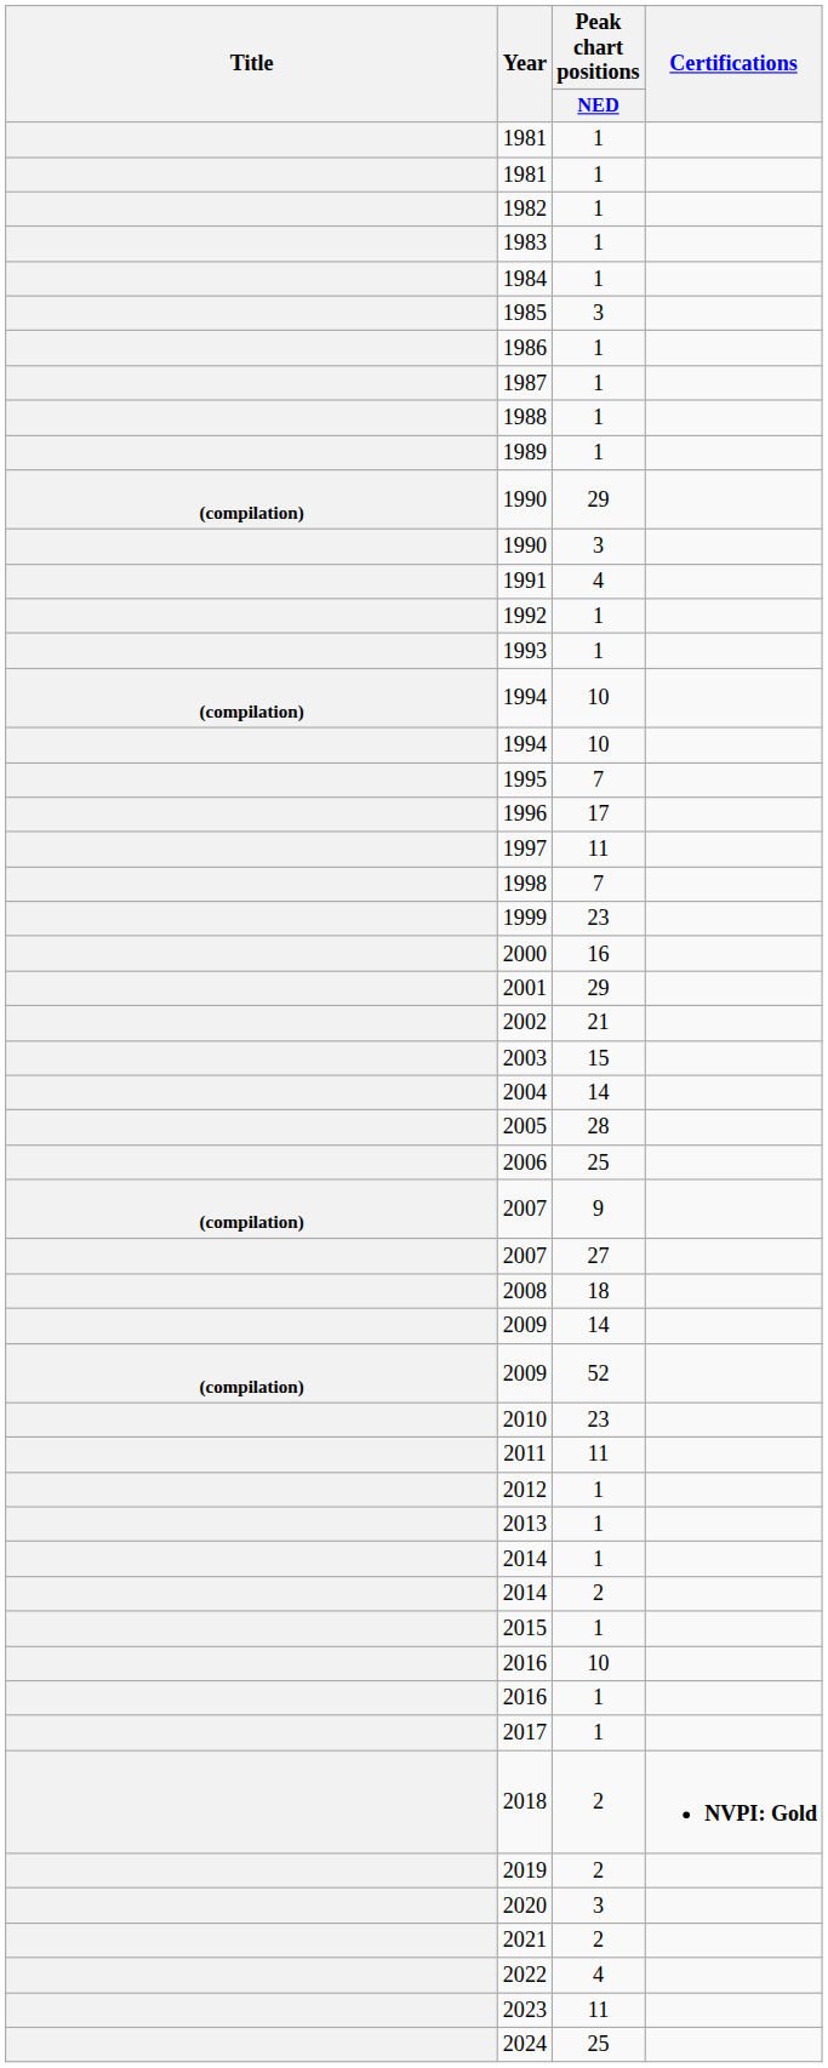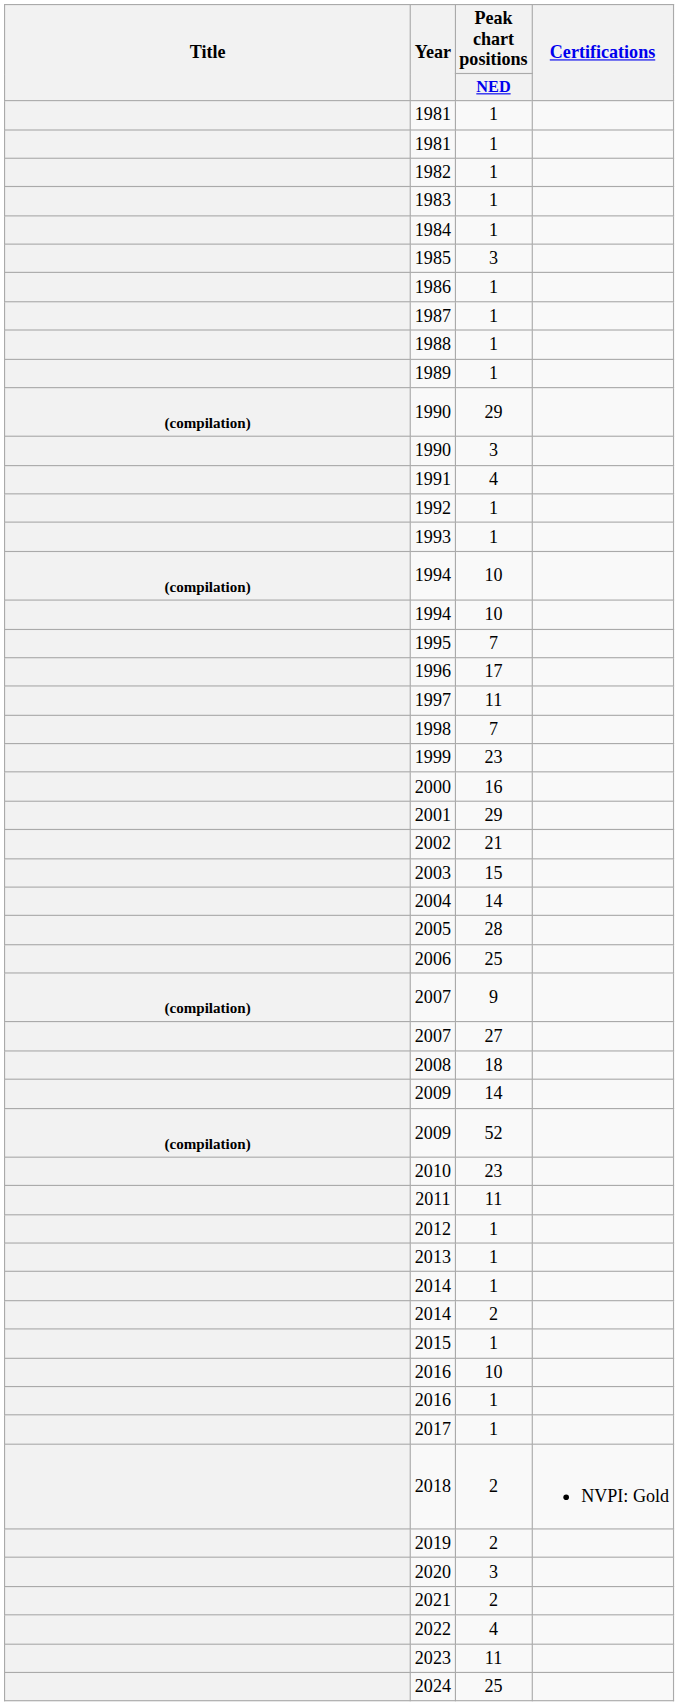 <table class="wikitable plainrowheaders" style="text-align:center;">
 <tr>
 <th scope="col" rowspan="2" style="width:22em;">Title</th>
 <th scope="col" rowspan="2">Year</th>
 <th scope="colgroup" colspan="1">Peak chart positions</th>
 <th scope="col" rowspan="2"><a href='#'>Certifications</a></th>
 </tr>
 <tr>
 <th scope="col" style="width:3em; font-size:90%;"><a href='#'>NED</a><br></th>
 </tr>
 <tr>
 <th scope="row"></th>
 <td>1981</td>
 <td>1</td>
 <td></td>
 </tr>
 <tr>
 <th scope="row"></th>
 <td>1981</td>
 <td>1</td>
 <td></td>
 </tr>
 <tr>
 <th scope="row"></th>
 <td>1982</td>
 <td>1</td>
 <td></td>
 </tr>
 <tr>
 <th scope="row"></th>
 <td>1983</td>
 <td>1</td>
 <td></td>
 </tr>
 <tr>
 <th scope="row"></th>
 <td>1984</td>
 <td>1</td>
 <td></td>
 </tr>
 <tr>
 <th scope="row"></th>
 <td>1985</td>
 <td>3</td>
 <td></td>
 </tr>
 <tr>
 <th scope="row"></th>
 <td>1986</td>
 <td>1</td>
 <td></td>
 </tr>
 <tr>
 <th scope="row"></th>
 <td>1987</td>
 <td>1</td>
 <td></td>
 </tr>
 <tr>
 <th scope="row"></th>
 <td>1988</td>
 <td>1</td>
 <td></td>
 </tr>
 <tr>
 <th scope="row"></th>
 <td>1989</td>
 <td>1</td>
 <td></td>
 </tr>
 <tr>
 <th scope="row"><br><small>(compilation)</small></th>
 <td>1990</td>
 <td>29</td>
 <td></td>
 </tr>
 <tr>
 <th scope="row"></th>
 <td>1990</td>
 <td>3</td>
 <td></td>
 </tr>
 <tr>
 <th scope="row"></th>
 <td>1991</td>
 <td>4</td>
 <td></td>
 </tr>
 <tr>
 <th scope="row"></th>
 <td>1992</td>
 <td>1</td>
 <td></td>
 </tr>
 <tr>
 <th scope="row"></th>
 <td>1993</td>
 <td>1</td>
 <td></td>
 </tr>
 <tr>
 <th scope="row"><br><small>(compilation)</small></th>
 <td>1994</td>
 <td>10</td>
 <td></td>
 </tr>
 <tr>
 <th scope="row"></th>
 <td>1994</td>
 <td>10</td>
 <td></td>
 </tr>
 <tr>
 <th scope="row"></th>
 <td>1995</td>
 <td>7</td>
 <td></td>
 </tr>
 <tr>
 <th scope="row"></th>
 <td>1996</td>
 <td>17</td>
 <td></td>
 </tr>
 <tr>
 <th scope="row"></th>
 <td>1997</td>
 <td>11</td>
 <td></td>
 </tr>
 <tr>
 <th scope="row"></th>
 <td>1998</td>
 <td>7</td>
 <td></td>
 </tr>
 <tr>
 <th scope="row"></th>
 <td>1999</td>
 <td>23</td>
 <td></td>
 </tr>
 <tr>
 <th scope="row"></th>
 <td>2000</td>
 <td>16</td>
 <td></td>
 </tr>
 <tr>
 <th scope="row"></th>
 <td>2001</td>
 <td>29</td>
 <td></td>
 </tr>
 <tr>
 <th scope="row"></th>
 <td>2002</td>
 <td>21</td>
 <td></td>
 </tr>
 <tr>
 <th scope="row"></th>
 <td>2003</td>
 <td>15</td>
 <td></td>
 </tr>
 <tr>
 <th scope="row"></th>
 <td>2004</td>
 <td>14</td>
 <td></td>
 </tr>
 <tr>
 <th scope="row"></th>
 <td>2005</td>
 <td>28</td>
 <td></td>
 </tr>
 <tr>
 <th scope="row"></th>
 <td>2006</td>
 <td>25</td>
 <td></td>
 </tr>
 <tr>
 <th scope="row"><br><small>(compilation)</small></th>
 <td>2007</td>
 <td>9</td>
 <td></td>
 </tr>
 <tr>
 <th scope="row"></th>
 <td>2007</td>
 <td>27</td>
 <td></td>
 </tr>
 <tr>
 <th scope="row"></th>
 <td>2008</td>
 <td>18</td>
 <td></td>
 </tr>
 <tr>
 <th scope="row"></th>
 <td>2009</td>
 <td>14</td>
 <td></td>
 </tr>
 <tr>
 <th scope="row"><br><small>(compilation)</small></th>
 <td>2009</td>
 <td>52</td>
 <td></td>
 </tr>
 <tr>
 <th scope="row"></th>
 <td>2010</td>
 <td>23</td>
 <td></td>
 </tr>
 <tr>
 <th scope="row"></th>
 <td>2011</td>
 <td>11</td>
 <td></td>
 </tr>
 <tr>
 <th scope="row"></th>
 <td>2012</td>
 <td>1</td>
 <td></td>
 </tr>
 <tr>
 <th scope="row"></th>
 <td>2013</td>
 <td>1</td>
 <td></td>
 </tr>
 <tr>
 <th scope="row"></th>
 <td>2014</td>
 <td>1</td>
 <td></td>
 </tr>
 <tr>
 <th scope="row"></th>
 <td>2014</td>
 <td>2</td>
 <td></td>
 </tr>
 <tr>
 <th scope="row"></th>
 <td>2015</td>
 <td>1</td>
 <td></td>
 </tr>
 <tr>
 <th scope="row"></th>
 <td>2016</td>
 <td>10</td>
 <td></td>
 </tr>
 <tr>
 <th scope="row"></th>
 <td>2016</td>
 <td>1</td>
 <td></td>
 </tr>
 <tr>
 <th scope="row"></th>
 <td>2017</td>
 <td>1</td>
 <td></td>
 </tr>
 <tr>
 <th scope="row"></th>
 <td>2018</td>
 <td>2</td>
-<td><strong><br><ul><li>NVPI: Gold</li></ul></strong></td>
+<td><br><ul><li>NVPI: Gold</li></ul></td>
 </tr>
 <tr>
 <th scope="row"></th>
 <td>2019</td>
 <td>2</td>
 <td></td>
 </tr>
 <tr>
 <th scope="row"></th>
 <td>2020</td>
 <td>3</td>
 <td></td>
 </tr>
 <tr>
 <th scope="row"></th>
 <td>2021</td>
 <td>2</td>
 <td></td>
 </tr>
 <tr>
 <th scope="row"></th>
 <td>2022</td>
 <td>4</td>
 <td></td>
 </tr>
 <tr>
 <th scope="row"></th>
 <td>2023</td>
 <td>11</td>
 <td></td>
 </tr>
 <tr>
 <th scope="row"></th>
 <td>2024</td>
 <td>25</td>
 <td></td>
 </tr>
 </table>
